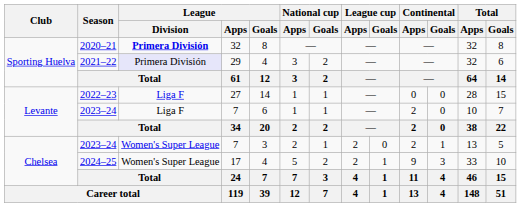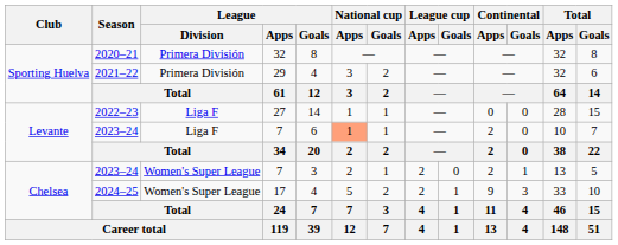 <table class="wikitable" style="text-align:center">
 <tr>
 <th rowspan="2">Club</th>
 <th rowspan="2">Season</th>
 <th colspan="3">League</th>
 <th colspan="2">National cup</th>
 <th colspan="2">League cup</th>
 <th colspan="2">Continental</th>
 <th colspan="2">Total</th>
 </tr>
 <tr>
 <th>Division</th>
 <th>Apps</th>
 <th>Goals</th>
 <th>Apps</th>
 <th>Goals</th>
 <th>Apps</th>
 <th>Goals</th>
 <th>Apps</th>
 <th>Goals</th>
 <th>Apps</th>
 <th>Goals</th>
 </tr>
 <tr>
 <td rowspan="3"><a href='#'>Sporting Huelva</a></td>
 <td><a href='#'>2020–21</a></td>
-<td><strong><a href='#'>Primera División</a></strong></td>
+<td><a href='#'>Primera División</a></td>
 <td>32</td>
 <td>8</td>
 <td colspan="2">—</td>
 <td colspan="2">—</td>
 <td colspan="2">—</td>
 <td>32</td>
 <td>8</td>
 </tr>
 <tr>
 <td><a href='#'>2021–22</a></td>
-<td style="background: lavender;">Primera División</td>
+<td>Primera División</td>
 <td>29</td>
 <td>4</td>
 <td>3</td>
 <td>2</td>
 <td colspan="2">—</td>
 <td colspan="2">—</td>
 <td>32</td>
 <td>6</td>
 </tr>
 <tr>
 <th colspan="2">Total</th>
 <th>61</th>
 <th>12</th>
 <th>3</th>
 <th>2</th>
 <th colspan="2">—</th>
 <th colspan="2">—</th>
 <th>64</th>
 <th>14</th>
 </tr>
 <tr>
 <td rowspan="3"><a href='#'>Levante</a></td>
 <td><a href='#'>2022–23</a></td>
 <td><a href='#'>Liga F</a></td>
 <td>27</td>
 <td>14</td>
 <td>1</td>
 <td>1</td>
 <td colspan="2">—</td>
 <td>0</td>
 <td>0</td>
 <td>28</td>
 <td>15</td>
 </tr>
 <tr>
 <td><a href='#'>2023–24</a></td>
 <td>Liga F</td>
 <td>7</td>
 <td>6</td>
-<td>1</td>
+<td style="background: lightsalmon;">1</td>
 <td>1</td>
 <td colspan="2">—</td>
 <td>2</td>
 <td>0</td>
 <td>10</td>
 <td>7</td>
 </tr>
 <tr>
 <th colspan="2">Total</th>
 <th>34</th>
 <th>20</th>
 <th>2</th>
 <th>2</th>
 <th colspan="2">—</th>
 <th>2</th>
 <th>0</th>
 <th>38</th>
 <th>22</th>
 </tr>
 <tr>
 <td rowspan="3"><a href='#'>Chelsea</a></td>
 <td><a href='#'>2023–24</a></td>
 <td><a href='#'>Women's Super League</a></td>
 <td>7</td>
 <td>3</td>
 <td>2</td>
 <td>1</td>
 <td>2</td>
 <td>0</td>
 <td>2</td>
 <td>1</td>
 <td>13</td>
 <td>5</td>
 </tr>
 <tr>
 <td><a href='#'>2024–25</a></td>
 <td>Women's Super League</td>
 <td>17</td>
 <td>4</td>
 <td>5</td>
 <td>2</td>
 <td>2</td>
 <td>1</td>
 <td>9</td>
 <td>3</td>
 <td>33</td>
 <td>10</td>
 </tr>
 <tr>
 <th colspan="2">Total</th>
 <th>24</th>
 <th>7</th>
 <th>7</th>
 <th>3</th>
 <th>4</th>
 <th>1</th>
 <th>11</th>
 <th>4</th>
 <th>46</th>
 <th>15</th>
 </tr>
 <tr>
 <th colspan="3">Career total</th>
 <th>119</th>
 <th>39</th>
 <th>12</th>
 <th>7</th>
 <th>4</th>
 <th>1</th>
 <th>13</th>
 <th>4</th>
 <th>148</th>
 <th>51</th>
 </tr>
 </table>
